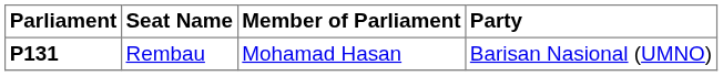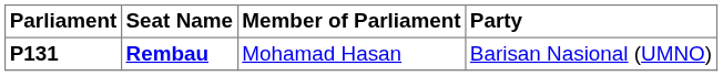 <table class="toccolours sortable" cellpadding="3" border="1" style="border-collapse:collapse; text-align: left;">
 <tr>
 <th align="center">Parliament</th>
 <th>Seat Name</th>
 <th>Member of Parliament</th>
 <th>Party</th>
 </tr>
 <tr>
 <th align="left">P131</th>
-<td><a href='#'>Rembau</a></td>
+<td><strong><a href='#'>Rembau</a></strong></td>
 <td><a href='#'>Mohamad Hasan</a></td>
 <td><a href='#'>Barisan Nasional</a> (<a href='#'>UMNO</a>)</td>
 </tr>
 <tr>
 </tr>
 </table>
